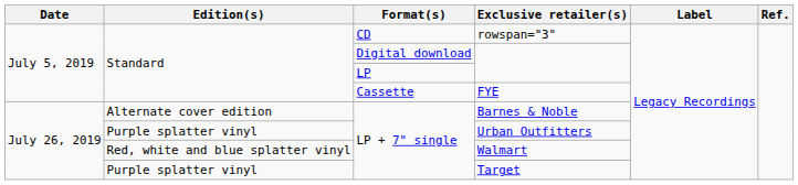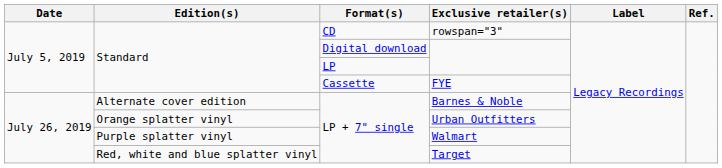 <table class="wikitable plainrowheaders">
 <tr>
 <th scope="col">Date</th>
 <th scope="col">Edition(s)</th>
 <th scope="col">Format(s)</th>
 <th scope="col">Exclusive retailer(s)</th>
 <th scope="col">Label</th>
 <th scope="col">Ref.</th>
 </tr>
 <tr>
 <td rowspan="4">July 5, 2019</td>
 <td rowspan="4">Standard</td>
 <td><a href='#'>CD</a></td>
 <td>rowspan="3" </td>
 <td rowspan="8"><a href='#'>Legacy Recordings</a></td>
 <td style="text-align:center" rowspan="8"></td>
 </tr>
 <tr>
 <td><a href='#'>Digital download</a></td>
 </tr>
 <tr>
 <td><a href='#'>LP</a></td>
 </tr>
 <tr>
 <td><a href='#'>Cassette</a></td>
 <td><a href='#'>FYE</a></td>
 </tr>
 <tr>
 <td rowspan="4">July 26, 2019</td>
 <td>Alternate cover edition</td>
 <td rowspan="4">LP + <a href='#'>7" single</a></td>
 <td><a href='#'>Barnes & Noble</a></td>
 </tr>
 <tr>
-<td>Purple splatter vinyl</td>
+<td>Orange splatter vinyl</td>
 <td><a href='#'>Urban Outfitters</a></td>
 </tr>
 <tr>
-<td>Red, white and blue splatter vinyl</td>
+<td>Purple splatter vinyl</td>
 <td><a href='#'>Walmart</a></td>
 </tr>
 <tr>
-<td>Purple splatter vinyl</td>
+<td>Red, white and blue splatter vinyl</td>
 <td><a href='#'>Target</a></td>
 </tr>
 </table>
